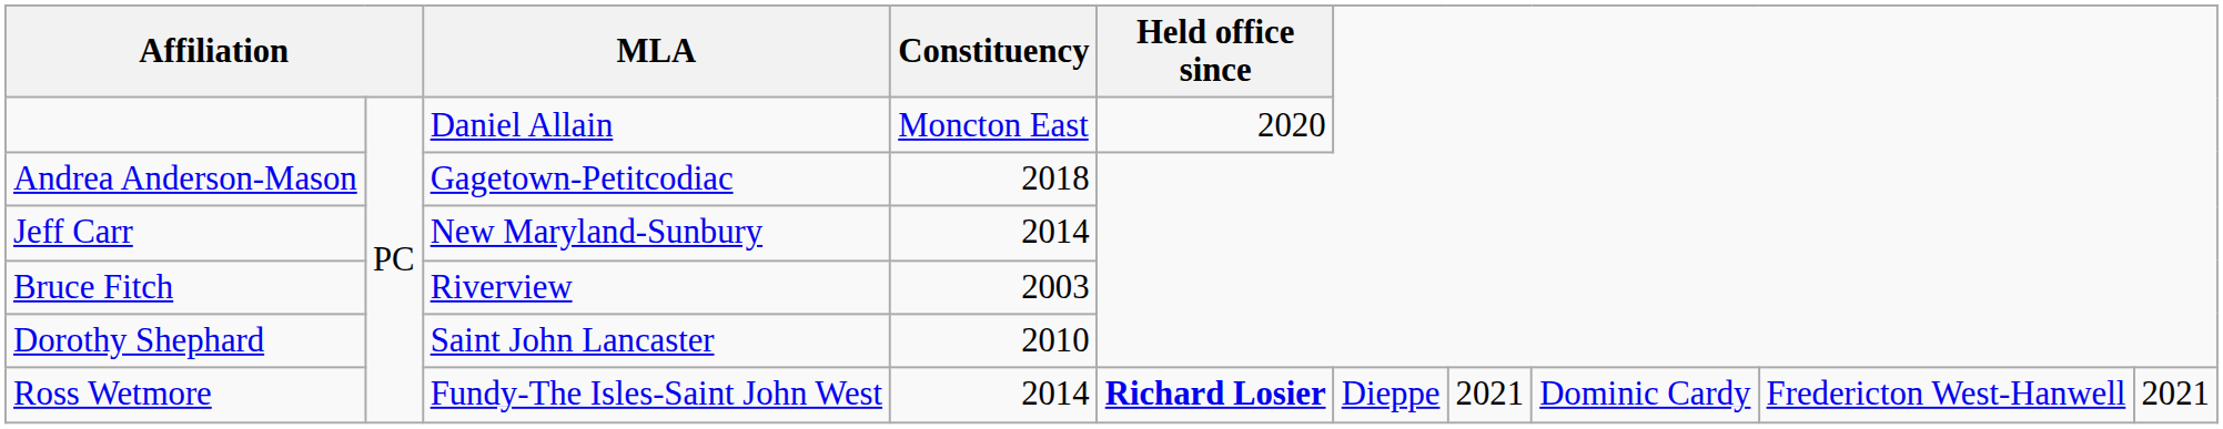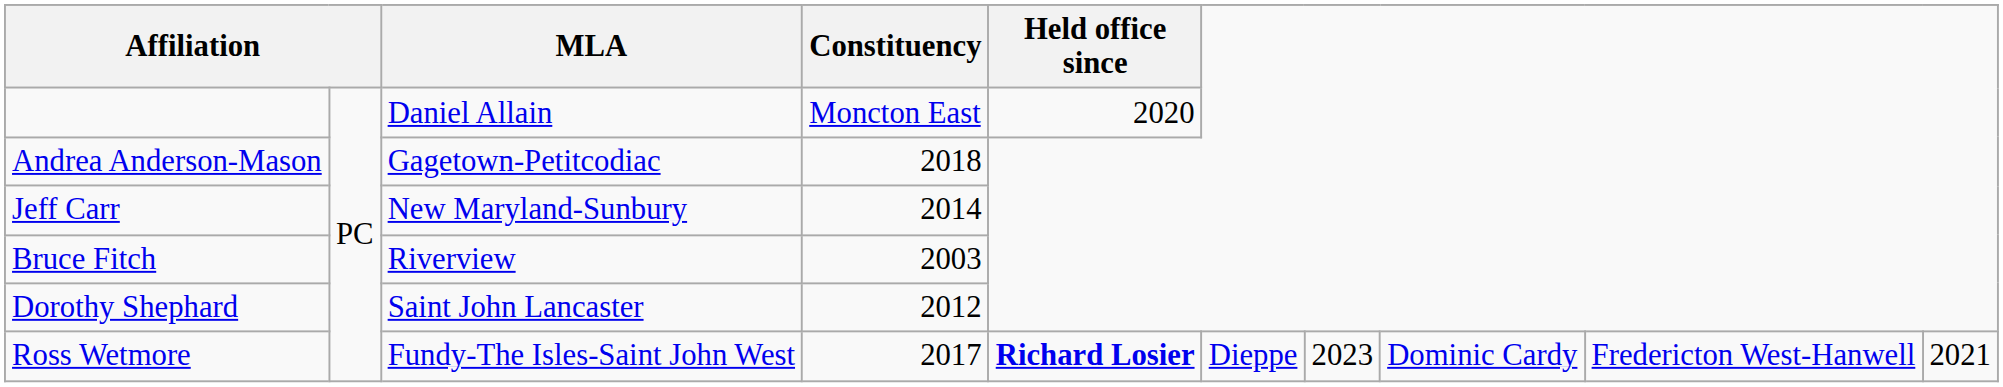 <table class="wikitable">
 <tr>
 <th colspan="2">Affiliation</th>
 <th>MLA</th>
 <th>Constituency</th>
 <th>Held office<br>since</th>
 </tr>
 <tr>
 <td style="background-color:"> </td>
 <td style="text-align:left;" rowspan="6">PC</td>
 <td><a href='#'>Daniel Allain</a></td>
 <td><a href='#'>Moncton East</a></td>
 <td style="text-align:right;">2020</td>
 </tr>
 <tr>
 <td><a href='#'>Andrea Anderson-Mason</a></td>
 <td><a href='#'>Gagetown-Petitcodiac</a></td>
 <td style="text-align:right;">2018</td>
 </tr>
 <tr>
 <td><a href='#'>Jeff Carr</a></td>
 <td><a href='#'>New Maryland-Sunbury</a></td>
 <td style="text-align:right;">2014</td>
 </tr>
 <tr>
 <td><a href='#'>Bruce Fitch</a></td>
 <td><a href='#'>Riverview</a></td>
 <td style="text-align:right;">2003</td>
 </tr>
 <tr>
 <td><a href='#'>Dorothy Shephard</a></td>
 <td><a href='#'>Saint John Lancaster</a></td>
-<td style="text-align:right;">2010</td>
+<td style="text-align:right;">2012</td>
 </tr>
 <tr>
 <td><a href='#'>Ross Wetmore</a></td>
 <td><a href='#'>Fundy-The Isles-Saint John West</a></td>
-<td style="text-align:right;">2014<br></td>
+<td style="text-align:right;">2017<br></td>
 <td><strong><a href='#'>Richard Losier</a></strong></td>
 <td><a href='#'>Dieppe</a></td>
-<td style="text-align:right;">2021<br></td>
+<td style="text-align:right;">2023<br></td>
 <td><a href='#'>Dominic Cardy</a></td>
 <td><a href='#'>Fredericton West-Hanwell</a></td>
 <td style="text-align:right;">2021</td>
 </tr>
 </table>
